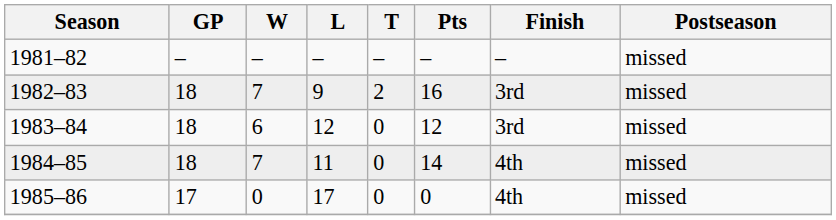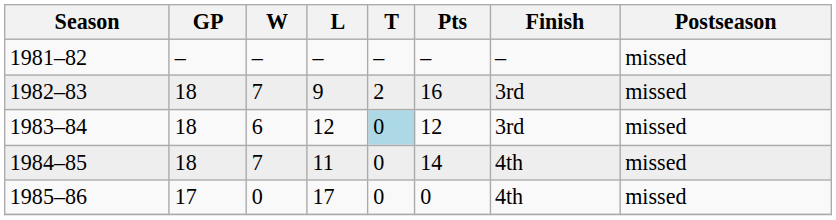 <table class="wikitable" width=600>
 <tr>
 <th>Season</th>
 <th>GP</th>
 <th>W</th>
 <th>L</th>
 <th>T</th>
 <th>Pts</th>
 <th>Finish</th>
 <th>Postseason</th>
 </tr>
 <tr>
 <td>1981–82</td>
 <td>–</td>
 <td>–</td>
 <td>–</td>
 <td>–</td>
 <td>–</td>
 <td>–</td>
 <td>missed</td>
 </tr>
 <tr bgcolor=eeeeee>
 <td>1982–83</td>
 <td>18</td>
 <td>7</td>
 <td>9</td>
 <td>2</td>
 <td>16</td>
 <td>3rd</td>
 <td>missed</td>
 </tr>
 <tr>
 <td>1983–84</td>
 <td>18</td>
 <td>6</td>
 <td>12</td>
-<td>0</td>
+<td style="background: lightblue;">0</td>
 <td>12</td>
 <td>3rd</td>
 <td>missed</td>
 </tr>
 <tr bgcolor=eeeeee>
 <td>1984–85</td>
 <td>18</td>
 <td>7</td>
 <td>11</td>
 <td>0</td>
 <td>14</td>
 <td>4th</td>
 <td>missed</td>
 </tr>
 <tr>
 <td>1985–86</td>
 <td>17</td>
 <td>0</td>
 <td>17</td>
 <td>0</td>
 <td>0</td>
 <td>4th</td>
 <td>missed</td>
 </tr>
 <tr>
 </tr>
 </table>
